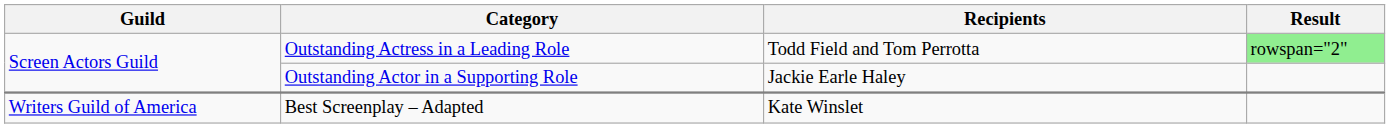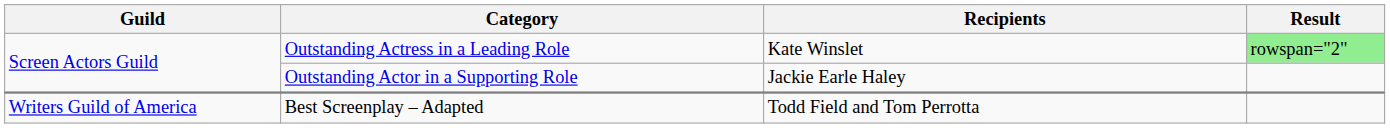 <table class="wikitable" width="95%" cellpadding="5">
 <tr>
 <th width="20%">Guild</th>
 <th width="35%">Category</th>
 <th width="35%">Recipients</th>
 <th width="10%">Result</th>
 </tr>
 <tr>
 <td rowspan="2"><a href='#'>Screen Actors Guild</a></td>
 <td><a href='#'>Outstanding Actress in a Leading Role</a></td>
-<td>Todd Field and Tom Perrotta</td>
+<td>Kate Winslet</td>
 <td style="background: lightgreen;">rowspan="2" </td>
 </tr>
 <tr>
 <td><a href='#'>Outstanding Actor in a Supporting Role</a></td>
 <td>Jackie Earle Haley</td>
 </tr>
 <tr style="border-top:2px solid gray;">
 <td><a href='#'>Writers Guild of America</a></td>
 <td>Best Screenplay – Adapted</td>
-<td>Kate Winslet</td>
+<td>Todd Field and Tom Perrotta</td>
 <td></td>
 </tr>
 </table>
